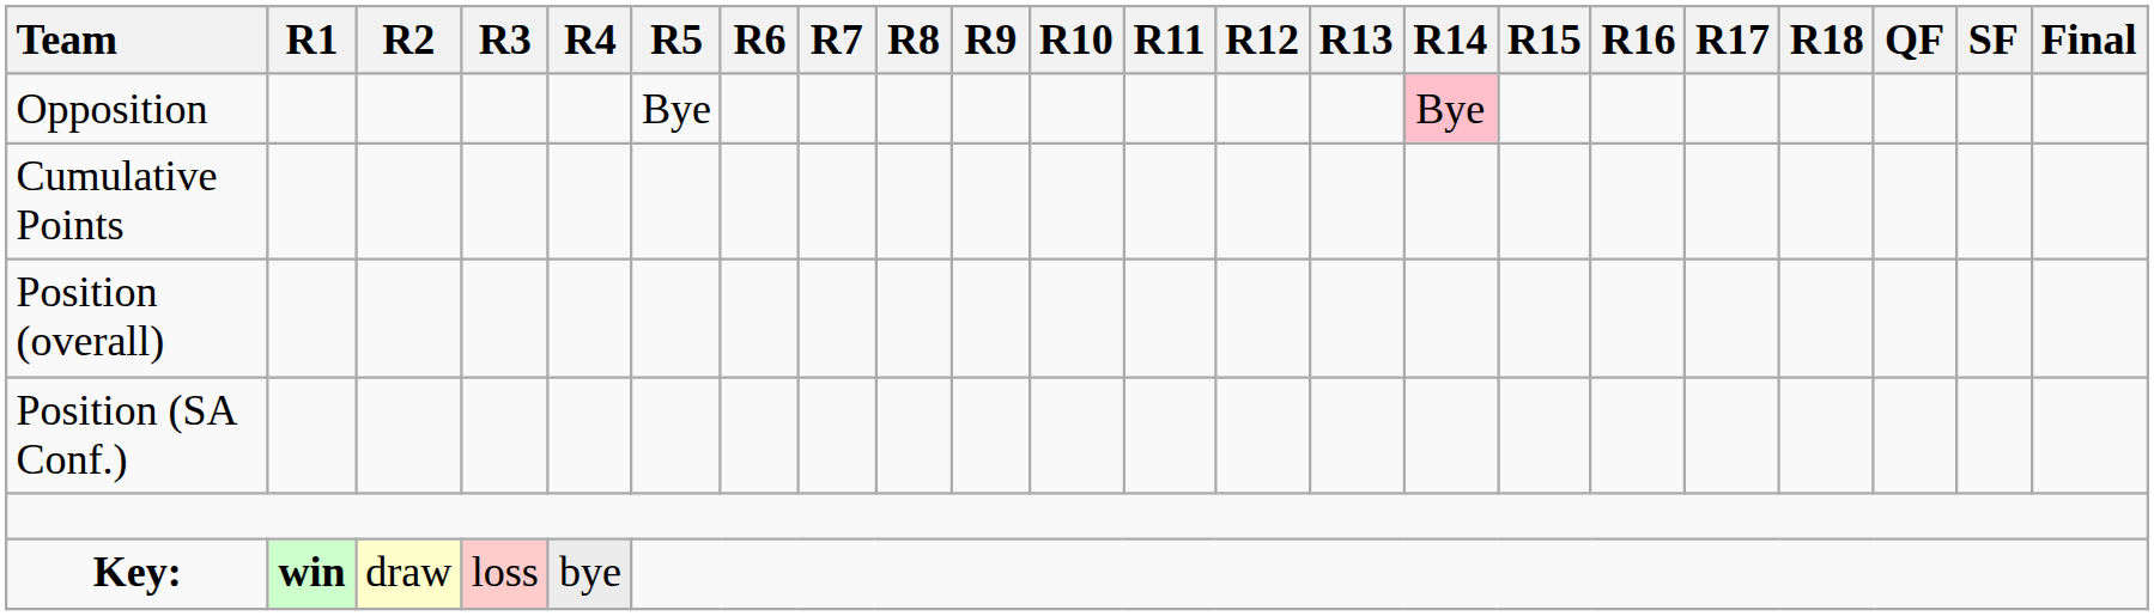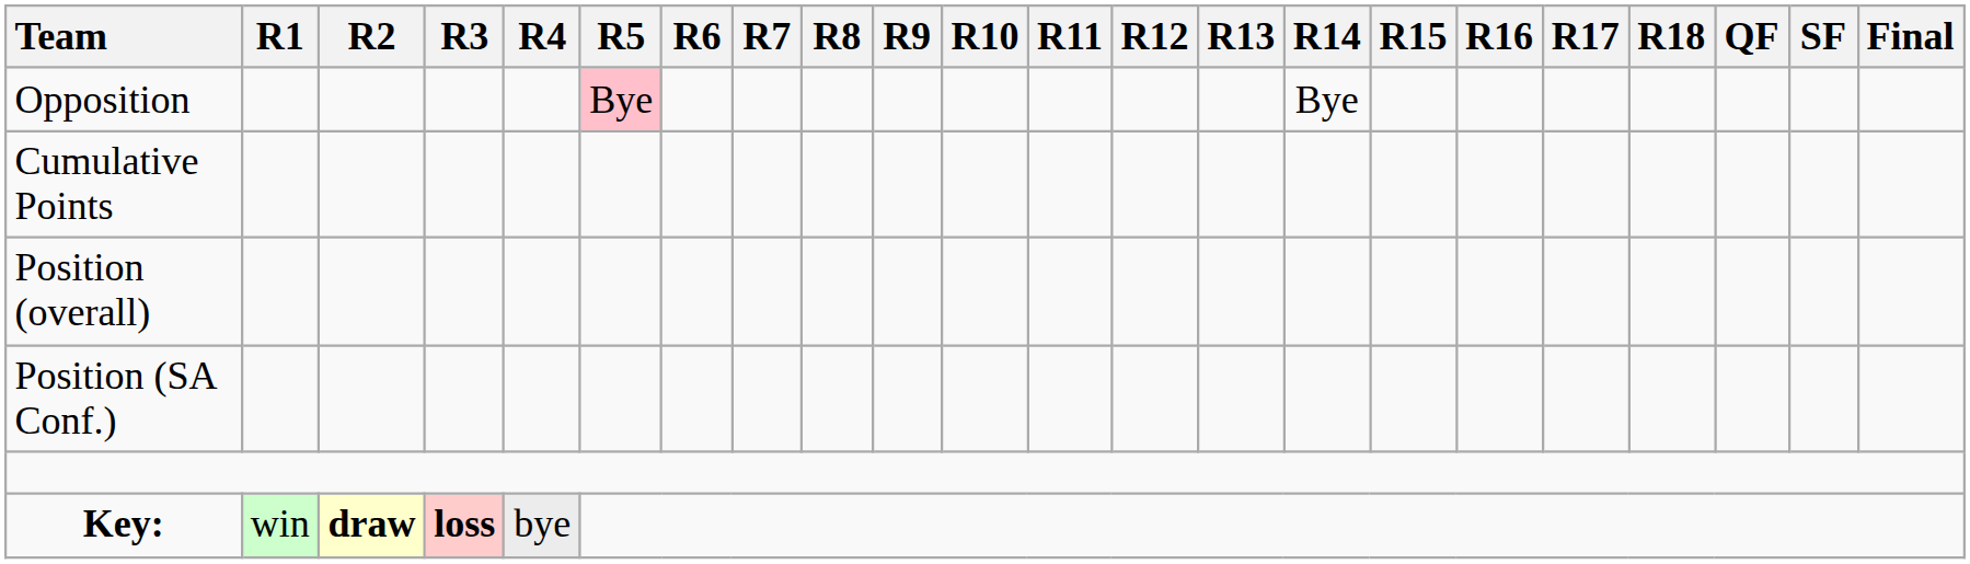 <table class="wikitable" style="text-align:center; width:90%; font-size:100%">
 <tr>
 <th style="text-align:left; width:16%;">Team</th>
 <th style="width:4%;">R1</th>
 <th style="width:4%;">R2</th>
 <th style="width:4%;">R3</th>
 <th style="width:4%;">R4</th>
 <th style="width:4%;">R5</th>
 <th style="width:4%;">R6</th>
 <th style="width:4%;">R7</th>
 <th style="width:4%;">R8</th>
 <th style="width:4%;">R9</th>
 <th style="width:4%;">R10</th>
 <th style="width:4%;">R11</th>
 <th style="width:4%;">R12</th>
 <th style="width:4%;">R13</th>
 <th style="width:4%;">R14</th>
 <th style="width:4%;">R15</th>
 <th style="width:4%;">R16</th>
 <th style="width:4%;">R17</th>
 <th style="width:4%;">R18</th>
 <th style="width:4%;">QF</th>
 <th style="width:4%;">SF</th>
 <th style="width:4%;">Final</th>
 </tr>
 <tr>
 <td style="text-align:left;">Opposition</td>
 <td> </td>
 <td> </td>
 <td> </td>
 <td> </td>
-<td>Bye</td>
+<td style="background: pink;">Bye</td>
 <td> </td>
 <td> </td>
 <td> </td>
 <td> </td>
 <td> </td>
 <td> </td>
 <td> </td>
 <td> </td>
-<td style="background: pink;">Bye</td>
+<td>Bye</td>
 <td> </td>
 <td> </td>
 <td> </td>
 <td> </td>
 <td></td>
 <td></td>
 <td></td>
 </tr>
 <tr>
 <td style="text-align:left;">Cumulative Points</td>
 <td></td>
 <td></td>
 <td></td>
 <td></td>
 <td></td>
 <td></td>
 <td></td>
 <td></td>
 <td></td>
 <td></td>
 <td></td>
 <td></td>
 <td></td>
 <td></td>
 <td></td>
 <td></td>
 <td></td>
 <td></td>
 <td></td>
 <td></td>
 <td></td>
 </tr>
 <tr>
 <td style="text-align:left;">Position (overall)</td>
 <td></td>
 <td></td>
 <td></td>
 <td></td>
 <td></td>
 <td></td>
 <td></td>
 <td></td>
 <td></td>
 <td></td>
 <td></td>
 <td></td>
 <td></td>
 <td></td>
 <td></td>
 <td></td>
 <td></td>
 <td></td>
 <td></td>
 <td></td>
 <td></td>
 </tr>
 <tr>
 <td style="text-align:left;">Position (SA Conf.)</td>
 <td></td>
 <td></td>
 <td></td>
 <td></td>
 <td></td>
 <td></td>
 <td></td>
 <td></td>
 <td></td>
 <td></td>
 <td></td>
 <td></td>
 <td></td>
 <td></td>
 <td></td>
 <td></td>
 <td></td>
 <td></td>
 <td></td>
 <td></td>
 <td></td>
 </tr>
 <tr>
 <td colspan=100% style="height:10px"></td>
 </tr>
 <tr>
 <td><strong>Key:</strong></td>
-<td style="background:#CCFFCC;"><strong>win</strong></td>
-<td style="background:#FFFFCC;">draw</td>
-<td style="background:#FFCCCC;">loss</td>
+<td style="background:#CCFFCC;">win</td>
+<td style="background:#FFFFCC;"><strong>draw</strong></td>
+<td style="background:#FFCCCC;"><strong>loss</strong></td>
 <td style="background:#ECECEC;">bye</td>
 <td colspan=100%></td>
 </tr>
 </table>
